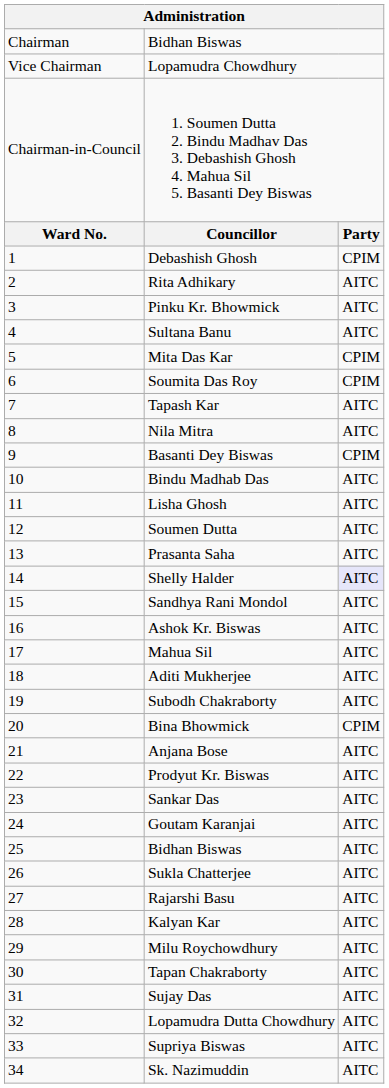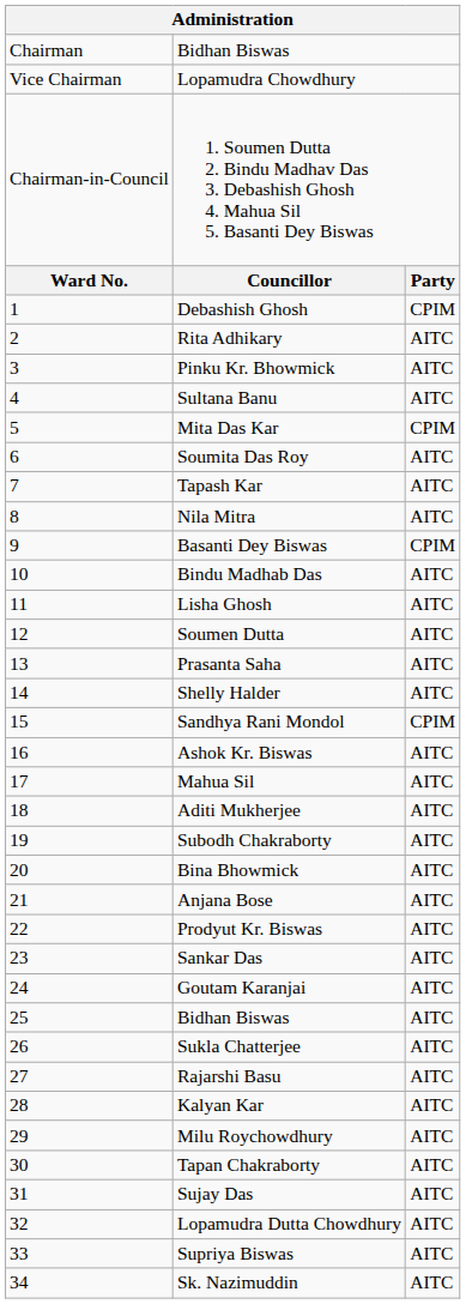 <table class="wikitable">
 <tr>
 <th colspan="3">Administration</th>
 </tr>
 <tr>
 <td>Chairman</td>
 <td colspan="2">Bidhan Biswas</td>
 </tr>
 <tr>
 <td>Vice Chairman</td>
 <td colspan="2">Lopamudra Chowdhury</td>
 </tr>
 <tr>
 <td>Chairman-in-Council</td>
 <td colspan="2"><br><ol><li>Soumen Dutta</li><li>Bindu Madhav Das</li><li>Debashish Ghosh</li><li>Mahua Sil</li><li>Basanti Dey Biswas</li></ol></td>
 </tr>
 <tr>
 <th>Ward No.</th>
 <th>Councillor</th>
 <th>Party</th>
 </tr>
 <tr>
 <td>1</td>
 <td>Debashish Ghosh</td>
 <td>CPIM</td>
 </tr>
 <tr>
 <td>2</td>
 <td>Rita Adhikary</td>
 <td>AITC</td>
 </tr>
 <tr>
 <td>3</td>
 <td>Pinku Kr. Bhowmick</td>
 <td>AITC</td>
 </tr>
 <tr>
 <td>4</td>
 <td>Sultana Banu</td>
 <td>AITC</td>
 </tr>
 <tr>
 <td>5</td>
 <td>Mita Das Kar</td>
 <td>CPIM</td>
 </tr>
 <tr>
 <td>6</td>
 <td>Soumita Das Roy</td>
-<td>CPIM</td>
+<td>AITC</td>
 </tr>
 <tr>
 <td>7</td>
 <td>Tapash Kar</td>
 <td>AITC</td>
 </tr>
 <tr>
 <td>8</td>
 <td>Nila Mitra</td>
 <td>AITC</td>
 </tr>
 <tr>
 <td>9</td>
 <td>Basanti Dey Biswas</td>
 <td>CPIM</td>
 </tr>
 <tr>
 <td>10</td>
 <td>Bindu Madhab Das</td>
 <td>AITC</td>
 </tr>
 <tr>
 <td>11</td>
 <td>Lisha Ghosh</td>
 <td>AITC</td>
 </tr>
 <tr>
 <td>12</td>
 <td>Soumen Dutta</td>
 <td>AITC</td>
 </tr>
 <tr>
 <td>13</td>
 <td>Prasanta Saha</td>
 <td>AITC</td>
 </tr>
 <tr>
 <td>14</td>
 <td>Shelly Halder</td>
-<td style="background: lavender;">AITC</td>
+<td>AITC</td>
 </tr>
 <tr>
 <td>15</td>
 <td>Sandhya Rani Mondol</td>
-<td>AITC</td>
+<td>CPIM</td>
 </tr>
 <tr>
 <td>16</td>
 <td>Ashok Kr. Biswas</td>
 <td>AITC</td>
 </tr>
 <tr>
 <td>17</td>
 <td>Mahua Sil</td>
 <td>AITC</td>
 </tr>
 <tr>
 <td>18</td>
 <td>Aditi Mukherjee</td>
 <td>AITC</td>
 </tr>
 <tr>
 <td>19</td>
 <td>Subodh Chakraborty</td>
 <td>AITC</td>
 </tr>
 <tr>
 <td>20</td>
 <td>Bina Bhowmick</td>
-<td>CPIM</td>
+<td>AITC</td>
 </tr>
 <tr>
 <td>21</td>
 <td>Anjana Bose</td>
 <td>AITC</td>
 </tr>
 <tr>
 <td>22</td>
 <td>Prodyut Kr. Biswas</td>
 <td>AITC</td>
 </tr>
 <tr>
 <td>23</td>
 <td>Sankar Das</td>
 <td>AITC</td>
 </tr>
 <tr>
 <td>24</td>
 <td>Goutam Karanjai</td>
 <td>AITC</td>
 </tr>
 <tr>
 <td>25</td>
 <td>Bidhan Biswas</td>
 <td>AITC</td>
 </tr>
 <tr>
 <td>26</td>
 <td>Sukla Chatterjee</td>
 <td>AITC</td>
 </tr>
 <tr>
 <td>27</td>
 <td>Rajarshi Basu</td>
 <td>AITC</td>
 </tr>
 <tr>
 <td>28</td>
 <td>Kalyan Kar</td>
 <td>AITC</td>
 </tr>
 <tr>
 <td>29</td>
 <td>Milu Roychowdhury</td>
 <td>AITC</td>
 </tr>
 <tr>
 <td>30</td>
 <td>Tapan Chakraborty</td>
 <td>AITC</td>
 </tr>
 <tr>
 <td>31</td>
 <td>Sujay Das</td>
 <td>AITC</td>
 </tr>
 <tr>
 <td>32</td>
 <td>Lopamudra Dutta Chowdhury</td>
 <td>AITC</td>
 </tr>
 <tr>
 <td>33</td>
 <td>Supriya Biswas</td>
 <td>AITC</td>
 </tr>
 <tr>
 <td>34</td>
 <td>Sk. Nazimuddin</td>
 <td>AITC</td>
 </tr>
 </table>
